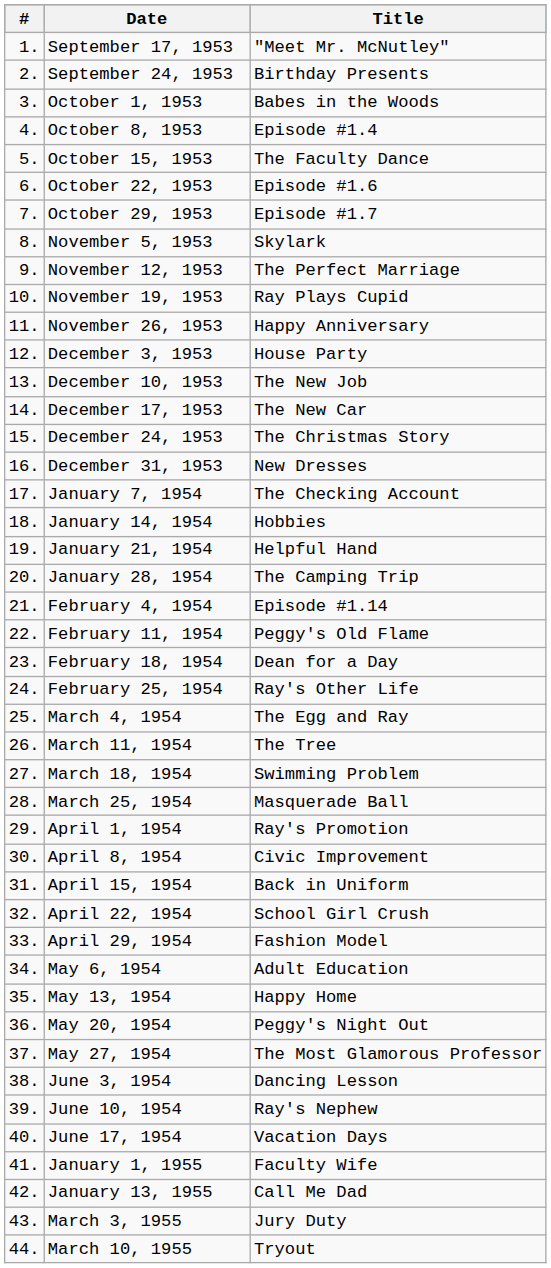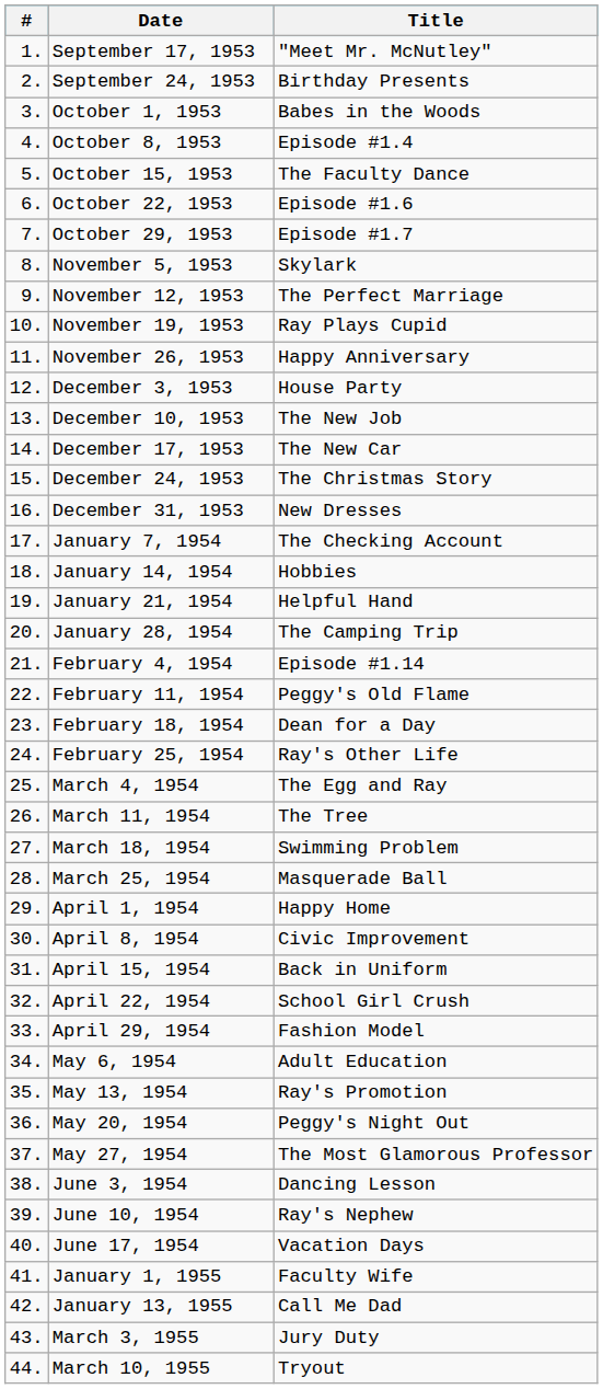 <table class="wikitable">
 <tr style="background:#0095b6; text-align:center;">
 <th>#</th>
 <th style="width:150px;">Date</th>
 <th>Title</th>
 </tr>
 <tr>
 <td align=right>1.</td>
 <td>September 17, 1953</td>
 <td>"Meet Mr. McNutley"</td>
 </tr>
 <tr>
 <td align=right>2.</td>
 <td>September 24, 1953</td>
 <td>Birthday Presents</td>
 </tr>
 <tr>
 <td align=right>3.</td>
 <td>October 1, 1953</td>
 <td>Babes in the Woods</td>
 </tr>
 <tr>
 <td align=right>4.</td>
 <td>October 8, 1953</td>
 <td>Episode #1.4</td>
 </tr>
 <tr>
 <td align=right>5.</td>
 <td>October 15, 1953</td>
 <td>The Faculty Dance</td>
 </tr>
 <tr>
 <td align=right>6.</td>
 <td>October 22, 1953</td>
 <td>Episode #1.6</td>
 </tr>
 <tr>
 <td align=right>7.</td>
 <td>October 29, 1953</td>
 <td>Episode #1.7</td>
 </tr>
 <tr>
 <td align=right>8.</td>
 <td>November 5, 1953</td>
 <td>Skylark</td>
 </tr>
 <tr>
 <td align=right>9.</td>
 <td>November 12, 1953</td>
 <td>The Perfect Marriage</td>
 </tr>
 <tr>
 <td>10.</td>
 <td>November 19, 1953</td>
 <td>Ray Plays Cupid</td>
 </tr>
 <tr>
 <td>11.</td>
 <td>November 26, 1953</td>
 <td>Happy Anniversary</td>
 </tr>
 <tr>
 <td>12.</td>
 <td>December 3, 1953</td>
 <td>House Party</td>
 </tr>
 <tr>
 <td>13.</td>
 <td>December 10, 1953</td>
 <td>The New Job</td>
 </tr>
 <tr>
 <td>14.</td>
 <td>December 17, 1953</td>
 <td>The New Car</td>
 </tr>
 <tr>
 <td>15.</td>
 <td>December 24, 1953</td>
 <td>The Christmas Story</td>
 </tr>
 <tr>
 <td>16.</td>
 <td>December 31, 1953</td>
 <td>New Dresses</td>
 </tr>
 <tr>
 <td>17.</td>
 <td>January 7, 1954</td>
 <td>The Checking Account</td>
 </tr>
 <tr>
 <td>18.</td>
 <td>January 14, 1954</td>
 <td>Hobbies</td>
 </tr>
 <tr>
 <td>19.</td>
 <td>January 21, 1954</td>
 <td>Helpful Hand</td>
 </tr>
 <tr>
 <td>20.</td>
 <td>January 28, 1954</td>
 <td>The Camping Trip</td>
 </tr>
 <tr>
 <td>21.</td>
 <td>February 4, 1954</td>
 <td>Episode #1.14</td>
 </tr>
 <tr>
 <td>22.</td>
 <td>February 11, 1954</td>
 <td>Peggy's Old Flame</td>
 </tr>
 <tr>
 <td>23.</td>
 <td>February 18, 1954</td>
 <td>Dean for a Day</td>
 </tr>
 <tr>
 <td>24.</td>
 <td>February 25, 1954</td>
 <td>Ray's Other Life</td>
 </tr>
 <tr>
 <td>25.</td>
 <td>March 4, 1954</td>
 <td>The Egg and Ray</td>
 </tr>
 <tr>
 <td>26.</td>
 <td>March 11, 1954</td>
 <td>The Tree</td>
 </tr>
 <tr>
 <td>27.</td>
 <td>March 18, 1954</td>
 <td>Swimming Problem</td>
 </tr>
 <tr>
 <td>28.</td>
 <td>March 25, 1954</td>
 <td>Masquerade Ball</td>
 </tr>
 <tr>
 <td>29.</td>
 <td>April 1, 1954</td>
-<td>Ray's Promotion</td>
+<td>Happy Home</td>
 </tr>
 <tr>
 <td>30.</td>
 <td>April 8, 1954</td>
 <td>Civic Improvement</td>
 </tr>
 <tr>
 <td>31.</td>
 <td>April 15, 1954</td>
 <td>Back in Uniform</td>
 </tr>
 <tr>
 <td>32.</td>
 <td>April 22, 1954</td>
 <td>School Girl Crush</td>
 </tr>
 <tr>
 <td>33.</td>
 <td>April 29, 1954</td>
 <td>Fashion Model</td>
 </tr>
 <tr>
 <td>34.</td>
 <td>May 6, 1954</td>
 <td>Adult Education</td>
 </tr>
 <tr>
 <td>35.</td>
 <td>May 13, 1954</td>
-<td>Happy Home</td>
+<td>Ray's Promotion</td>
 </tr>
 <tr>
 <td>36.</td>
 <td>May 20, 1954</td>
 <td>Peggy's Night Out</td>
 </tr>
 <tr>
 <td>37.</td>
 <td>May 27, 1954</td>
 <td>The Most Glamorous Professor</td>
 </tr>
 <tr>
 <td>38.</td>
 <td>June 3, 1954</td>
 <td>Dancing Lesson</td>
 </tr>
 <tr>
 <td>39.</td>
 <td>June 10, 1954</td>
 <td>Ray's Nephew</td>
 </tr>
 <tr>
 <td>40.</td>
 <td>June 17, 1954</td>
 <td>Vacation Days</td>
 </tr>
 <tr>
 <td>41.</td>
 <td>January 1, 1955</td>
 <td>Faculty Wife</td>
 </tr>
 <tr>
 <td>42.</td>
 <td>January 13, 1955</td>
 <td>Call Me Dad</td>
 </tr>
 <tr>
 <td>43.</td>
 <td>March 3, 1955</td>
 <td>Jury Duty</td>
 </tr>
 <tr>
 <td>44.</td>
 <td>March 10, 1955</td>
 <td>Tryout</td>
 </tr>
 </table>
